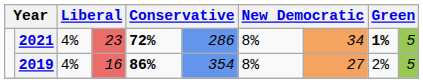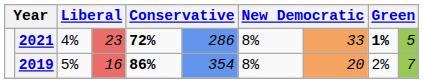 <table class="wikitable" style="float:right; width:400; font-size:90%; margin-left:1em;">
 <tr>
 <th colspan="2" scope="col">Year</th>
 <th colspan="2" scope="col"><a href='#'>Liberal</a></th>
 <th colspan="2" scope="col"><a href='#'>Conservative</a></th>
 <th colspan="2" scope="col"><a href='#'>New Democratic</a></th>
 <th colspan="2" scope="col"><a href='#'>Green</a></th>
 </tr>
 <tr>
 <td rowspan="2" style="width: 0.25em; background-color: "></td>
 <th><a href='#'>2021</a></th>
 <td>4%</td>
 <td style="text-align:right; background:#EA6D6A;"><em>23</em></td>
 <td><strong>72%</strong></td>
 <td style="text-align:right; background:#6495ED;"><em>286</em></td>
 <td>8%</td>
-<td style="text-align:right; background:#F4A460;"><em>34</em></td>
+<td style="text-align:right; background:#F4A460;"><em>33</em></td>
 <td><strong>1%</strong></td>
 <td style="text-align:right; background:#99C955;"><em>5</em></td>
 </tr>
 <tr>
 <th><a href='#'>2019</a></th>
-<td>4%</td>
+<td>5%</td>
 <td style="text-align:right; background:#EA6D6A;"><em>16</em></td>
 <td><strong>86%</strong></td>
 <td style="text-align:right; background:#6495ED;"><em>354</em></td>
 <td>8%</td>
-<td style="text-align:right; background:#F4A460;"><em>27</em></td>
+<td style="text-align:right; background:#F4A460;"><em>20</em></td>
 <td>2%</td>
-<td style="text-align:right; background:#99C955;"><em>5</em></td>
+<td style="text-align:right; background:#99C955;"><em>7</em></td>
 </tr>
 <tr>
 </tr>
 </table>
